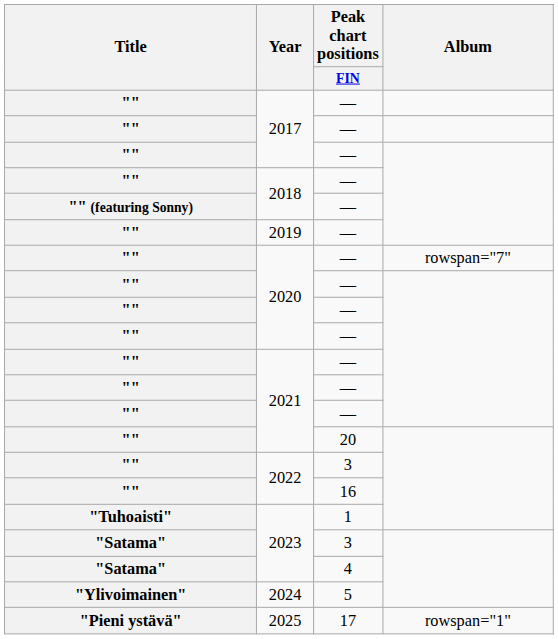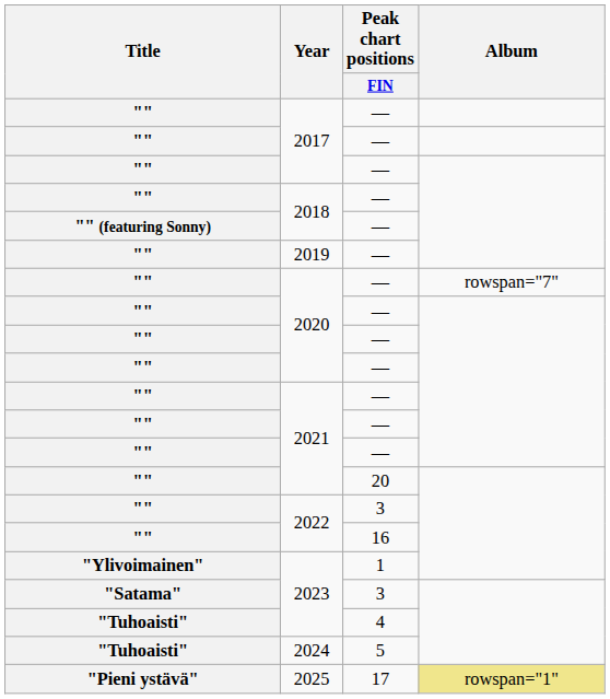 <table class="wikitable plainrowheaders" style="text-align:center;">
 <tr>
 <th scope="col" rowspan="2" style="width:15em;">Title</th>
 <th scope="col" rowspan="2" style="width:3em;">Year</th>
 <th scope="col">Peak chart positions</th>
 <th scope="col" rowspan="2" style="width:10em;">Album</th>
 </tr>
 <tr>
 <th scope="col" style="width:3em;font-size:85%;"><a href='#'>FIN</a><br></th>
 </tr>
 <tr>
 <th scope="row">""</th>
 <td rowspan="3">2017</td>
 <td>—</td>
 <td></td>
 </tr>
 <tr>
 <th scope="row">""</th>
 <td>—</td>
 <td></td>
 </tr>
 <tr>
 <th scope="row">""</th>
 <td>—</td>
 <td rowspan="4"></td>
 </tr>
 <tr>
 <th scope="row">""</th>
 <td rowspan="2">2018</td>
 <td>—</td>
 </tr>
 <tr>
 <th scope="row">"" <small>(featuring Sonny)</small></th>
 <td>—</td>
 </tr>
 <tr>
 <th scope="row">""</th>
 <td>2019</td>
 <td>—</td>
 </tr>
 <tr>
 <th scope="row">""</th>
 <td rowspan="4">2020</td>
 <td>—</td>
 <td>rowspan="7" </td>
 </tr>
 <tr>
 <th scope="row">""</th>
 <td>—</td>
 </tr>
 <tr>
 <th scope="row">""</th>
 <td>—</td>
 </tr>
 <tr>
 <th scope="row">""</th>
 <td>—</td>
 </tr>
 <tr>
 <th scope="row">""</th>
 <td rowspan="4">2021</td>
 <td>—</td>
 </tr>
 <tr>
 <th scope="row">""</th>
 <td>—</td>
 </tr>
 <tr>
 <th scope="row">""</th>
 <td>—</td>
 </tr>
 <tr>
 <th scope="row">""</th>
 <td>20</td>
 <td rowspan="4"></td>
 </tr>
 <tr>
 <th scope="row">""</th>
 <td rowspan="2">2022</td>
 <td>3</td>
 </tr>
 <tr>
 <th scope="row">""</th>
 <td>16</td>
 </tr>
 <tr>
-<th scope="row">"Tuhoaisti"</th>
+<th scope="row">"Ylivoimainen"</th>
 <td rowspan="3">2023</td>
 <td>1</td>
 </tr>
 <tr>
 <th scope="row">"Satama"</th>
 <td>3</td>
 <td rowspan="3"></td>
 </tr>
 <tr>
-<th scope="row">"Satama"</th>
+<th scope="row">"Tuhoaisti"</th>
 <td>4</td>
 </tr>
 <tr>
-<th scope="row">"Ylivoimainen"</th>
+<th scope="row">"Tuhoaisti"</th>
 <td>2024</td>
 <td>5</td>
 </tr>
 <tr>
 <th scope="row">"Pieni ystävä"</th>
 <td>2025</td>
 <td>17</td>
-<td>rowspan="1" </td>
+<td style="background: khaki;">rowspan="1" </td>
 </tr>
 </table>
